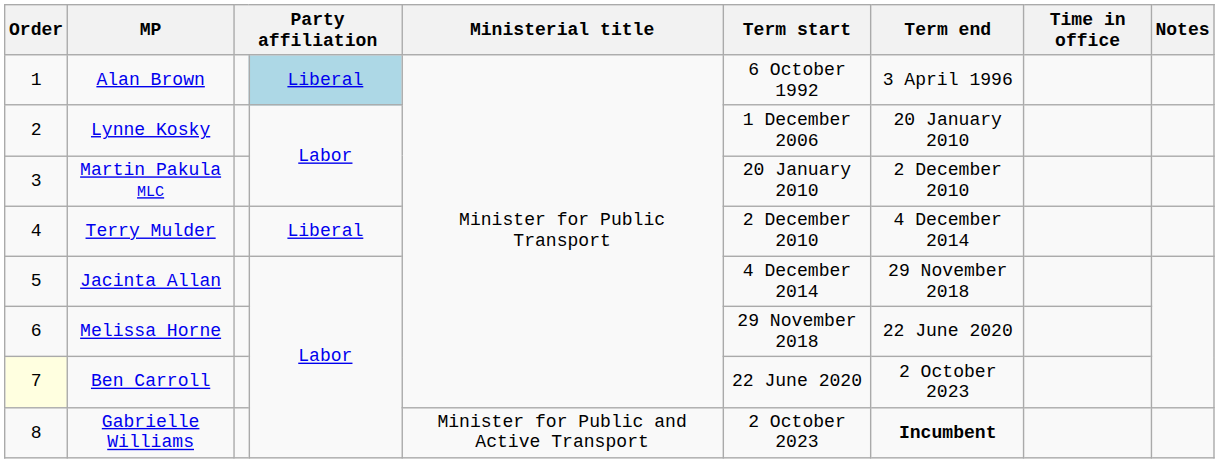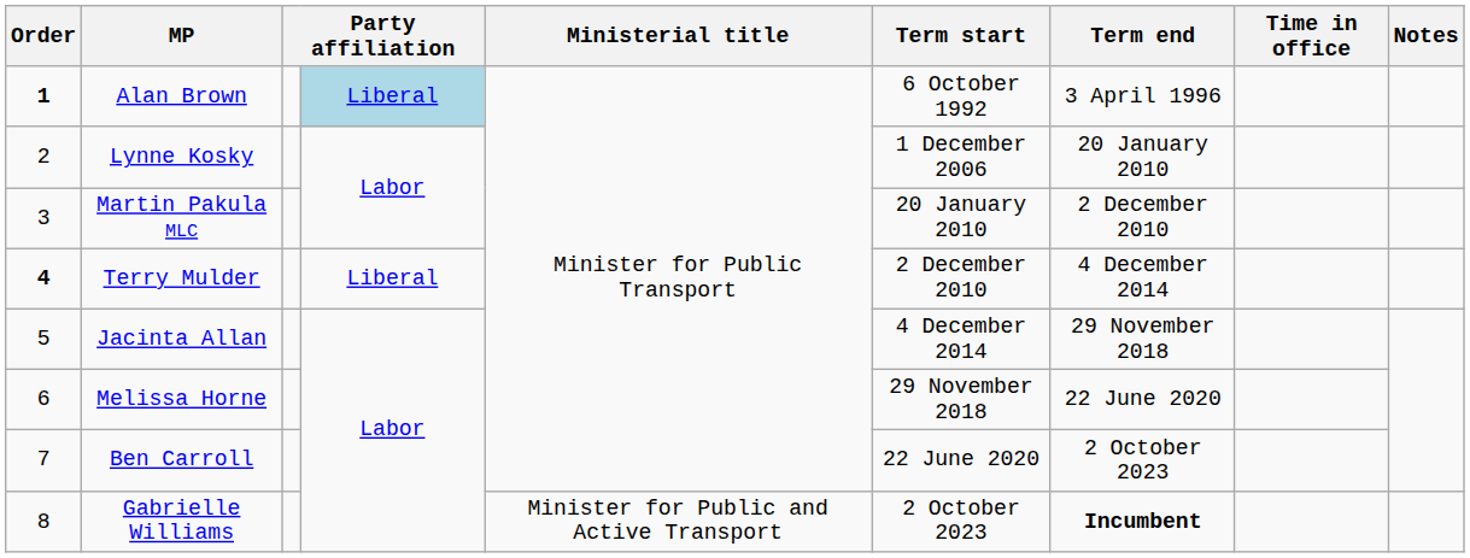 <table class="wikitable" style="text-align:center">
 <tr>
 <th>Order</th>
 <th>MP</th>
 <th colspan="2">Party affiliation</th>
 <th>Ministerial title</th>
 <th>Term start</th>
 <th>Term end</th>
 <th>Time in office</th>
 <th>Notes</th>
 </tr>
 <tr>
-<td>1</td>
+<td><strong>1</strong></td>
 <td><a href='#'>Alan Brown</a> </td>
 <td></td>
 <td style="background: lightblue;"><a href='#'>Liberal</a></td>
 <td rowspan="7">Minister for Public Transport</td>
 <td>6 October 1992</td>
 <td>3 April 1996</td>
 <td></td>
 <td></td>
 </tr>
 <tr>
 <td>2</td>
 <td><a href='#'>Lynne Kosky</a> </td>
 <td></td>
 <td rowspan="2"><a href='#'>Labor</a></td>
 <td>1 December 2006</td>
 <td>20 January 2010</td>
 <td></td>
 <td></td>
 </tr>
 <tr>
 <td>3</td>
 <td><a href='#'>Martin Pakula</a> <a href='#'><small>MLC</small></a></td>
 <td></td>
 <td>20 January 2010</td>
 <td>2 December 2010</td>
 <td></td>
 <td></td>
 </tr>
 <tr>
-<td>4</td>
+<td><strong>4</strong></td>
 <td><a href='#'>Terry Mulder</a> </td>
 <td></td>
 <td><a href='#'>Liberal</a></td>
 <td>2 December 2010</td>
 <td>4 December 2014</td>
 <td></td>
 <td></td>
 </tr>
 <tr>
 <td>5</td>
 <td><a href='#'>Jacinta Allan</a> </td>
 <td></td>
 <td rowspan="4"><a href='#'>Labor</a></td>
 <td>4 December 2014</td>
 <td>29 November 2018</td>
 <td></td>
 <td rowspan="3"></td>
 </tr>
 <tr>
 <td>6</td>
 <td><a href='#'>Melissa Horne</a> </td>
 <td></td>
 <td>29 November 2018</td>
 <td>22 June 2020</td>
 <td></td>
 </tr>
 <tr>
-<td style="background: lightyellow;">7</td>
+<td>7</td>
 <td><a href='#'>Ben Carroll</a> </td>
 <td></td>
 <td>22 June 2020</td>
 <td>2 October 2023</td>
 <td></td>
 </tr>
 <tr>
 <td>8</td>
 <td><a href='#'>Gabrielle Williams</a> </td>
 <td></td>
 <td>Minister for Public and Active Transport</td>
 <td>2 October 2023</td>
 <td><strong>Incumbent</strong></td>
 <td></td>
 <td></td>
 </tr>
 </table>
